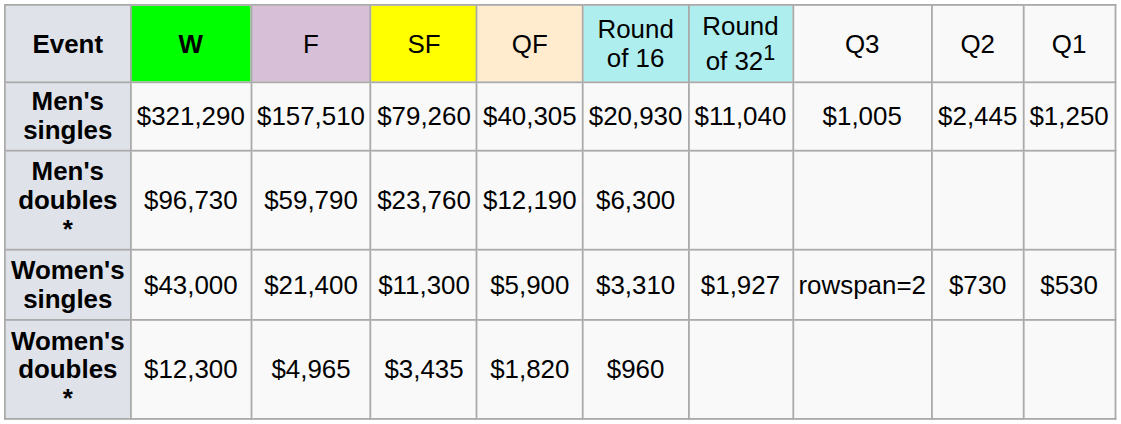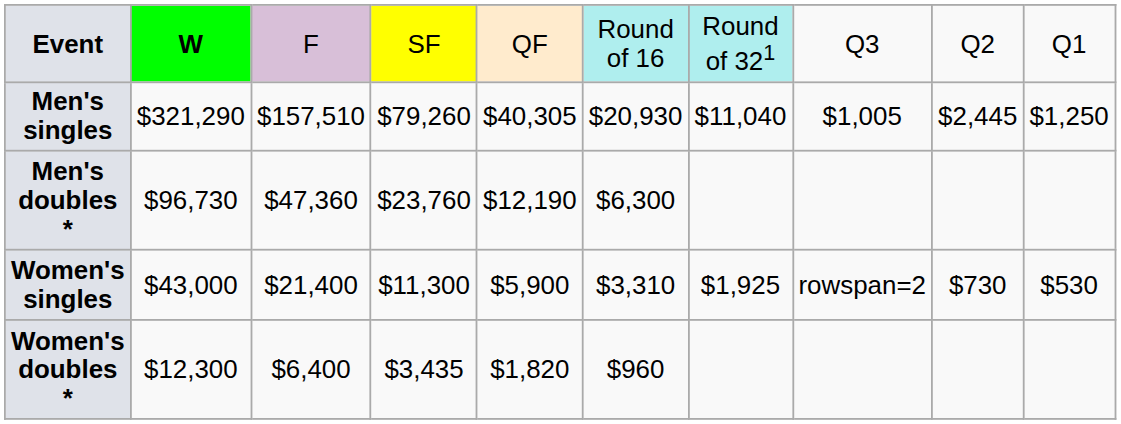 <table class=wikitable style=font-size:90%;text-align:center>
 <tr>
 <td style="width:130px; background:#dfe2e9;"><strong>Event</strong></td>
 <td style="width:80px; background:lime;"><strong>W</strong></td>
 <td style="width:85px; background:thistle;">F</td>
 <td style="width:85px; background:#ff0;">SF</td>
 <td style="width:85px; background:#ffebcd;">QF</td>
 <td style="width:85px; background:#afeeee;">Round of 16</td>
 <td style="width:85px; background:#afeeee;">Round of 32<sup>1</sup></td>
 <td width=85>Q3</td>
 <td width=85>Q2</td>
 <td width=85>Q1</td>
 </tr>
 <tr>
 <td style="background:#dfe2e9;"><strong>Men's singles</strong></td>
 <td>$321,290</td>
 <td>$157,510</td>
 <td>$79,260</td>
 <td>$40,305</td>
 <td>$20,930</td>
 <td>$11,040</td>
 <td>$1,005</td>
 <td>$2,445</td>
 <td>$1,250</td>
 </tr>
 <tr>
 <td style="background:#dfe2e9;"><strong>Men's doubles *</strong></td>
 <td>$96,730</td>
-<td>$59,790</td>
+<td>$47,360</td>
 <td>$23,760</td>
 <td>$12,190</td>
 <td>$6,300</td>
 <td></td>
 <td></td>
 <td></td>
 </tr>
 <tr>
 <td style="background:#dfe2e9;"><strong>Women's singles</strong></td>
 <td>$43,000</td>
 <td>$21,400</td>
 <td>$11,300</td>
 <td>$5,900</td>
 <td>$3,310</td>
-<td>$1,927</td>
+<td>$1,925</td>
 <td>rowspan=2 </td>
 <td>$730</td>
 <td>$530</td>
 </tr>
 <tr>
 <td style="background:#dfe2e9;"><strong>Women's doubles *</strong></td>
 <td>$12,300</td>
-<td>$4,965</td>
+<td>$6,400</td>
 <td>$3,435</td>
 <td>$1,820</td>
 <td>$960</td>
 <td></td>
 <td></td>
 <td></td>
 <td></td>
 </tr>
 </table>
